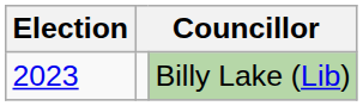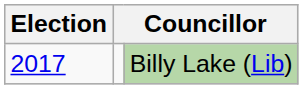 <table class="wikitable">
 <tr>
 <th>Election</th>
 <th colspan="2">Councillor</th>
 </tr>
 <tr>
-<td><a href='#'>2023</a></td>
+<td><a href='#'>2017</a></td>
 <td style="background-color: "></td>
 <td bgcolor="#B6D7A8">Billy Lake (<a href='#'>Lib</a>)</td>
 </tr>
 </table>
